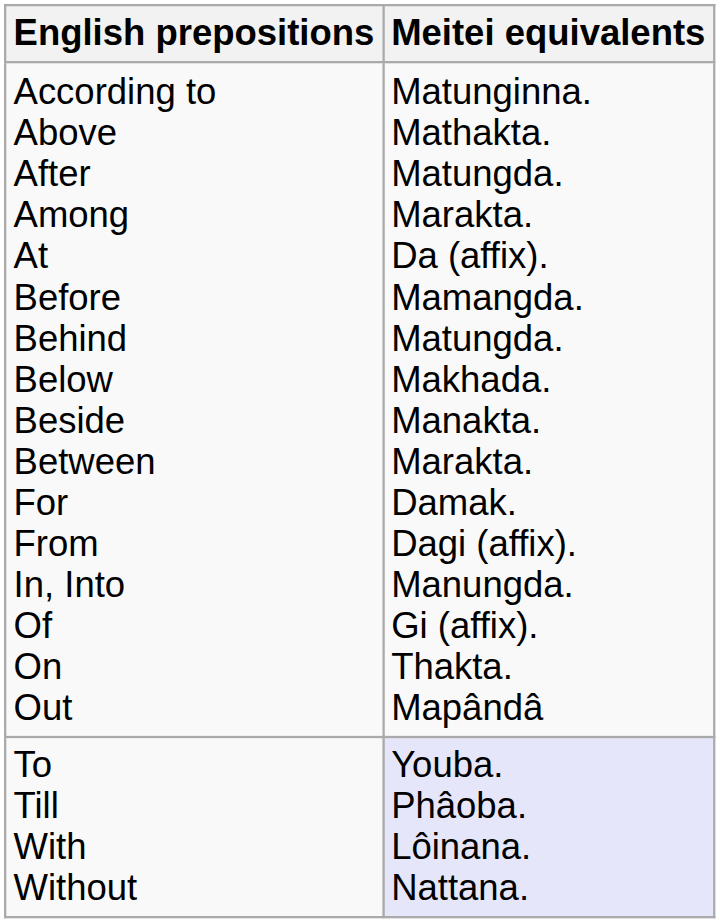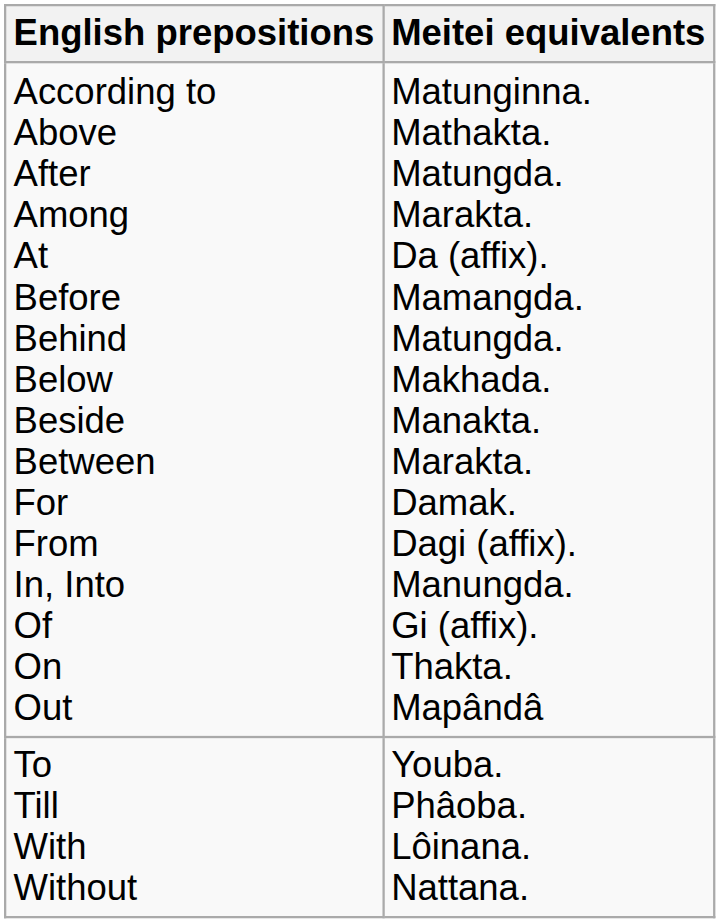 <table class="wikitable">
 <tr>
 <th>English prepositions</th>
 <th>Meitei equivalents</th>
 </tr>
 <tr>
 <td>According to<br>Above<br>After<br>Among<br>At<br>Before<br>Behind<br>Below<br>Beside<br>Between<br>For<br>From<br>In, Into<br>Of<br>On<br>Out</td>
 <td>Matunginna.<br>Mathakta.<br>Matungda.<br>Marakta.<br>Da (affix).<br>Mamangda.<br>Matungda.<br>Makhada.<br>Manakta.<br>Marakta.<br>Damak.<br>Dagi (affix).<br>Manungda.<br>Gi (affix).<br>Thakta.<br>Mapândâ</td>
 </tr>
 <tr>
 <td>To<br>Till<br>With<br>Without</td>
-<td style="background: lavender;">Youba.<br>Phâoba.<br>Lôinana.<br>Nattana.</td>
+<td>Youba.<br>Phâoba.<br>Lôinana.<br>Nattana.</td>
 </tr>
 </table>
